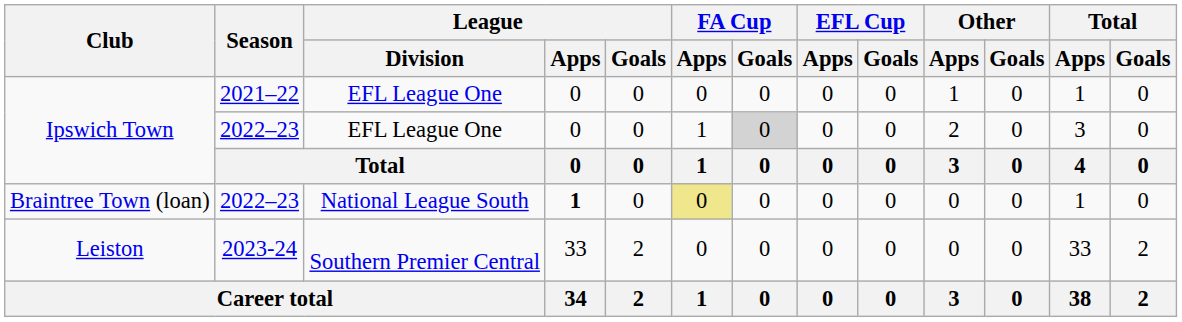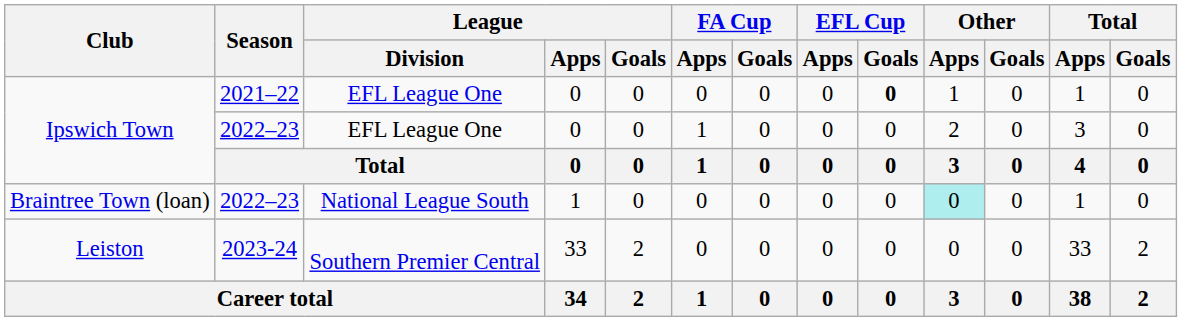 <table class="wikitable" style="text-align: center;">
 <tr>
 <th rowspan="2">Club</th>
 <th rowspan="2">Season</th>
 <th colspan="3">League</th>
 <th colspan="2"><a href='#'>FA Cup</a></th>
 <th colspan="2"><a href='#'>EFL Cup</a></th>
 <th colspan="2">Other</th>
 <th colspan="2">Total</th>
 </tr>
 <tr>
 <th>Division</th>
 <th>Apps</th>
 <th>Goals</th>
 <th>Apps</th>
 <th>Goals</th>
 <th>Apps</th>
 <th>Goals</th>
 <th>Apps</th>
 <th>Goals</th>
 <th>Apps</th>
 <th>Goals</th>
 </tr>
 <tr>
 <td rowspan="3"><a href='#'>Ipswich Town</a></td>
 <td><a href='#'>2021–22</a></td>
 <td><a href='#'>EFL League One</a></td>
 <td>0</td>
 <td>0</td>
 <td>0</td>
 <td>0</td>
 <td>0</td>
-<td>0</td>
+<td><strong>0</strong></td>
 <td>1</td>
 <td>0</td>
 <td>1</td>
 <td>0</td>
 </tr>
 <tr>
 <td><a href='#'>2022–23</a></td>
 <td>EFL League One</td>
 <td>0</td>
 <td>0</td>
 <td>1</td>
-<td style="background: lightgrey;">0</td>
+<td>0</td>
 <td>0</td>
 <td>0</td>
 <td>2</td>
 <td>0</td>
 <td>3</td>
 <td>0</td>
 </tr>
 <tr>
 <th colspan="2">Total</th>
 <th>0</th>
 <th>0</th>
 <th>1</th>
 <th>0</th>
 <th>0</th>
 <th>0</th>
 <th>3</th>
 <th>0</th>
 <th>4</th>
 <th>0</th>
 </tr>
 <tr>
 <td><a href='#'>Braintree Town</a> (loan)</td>
 <td><a href='#'>2022–23</a></td>
 <td><a href='#'>National League South</a></td>
-<td><strong>1</strong></td>
-<td>0</td>
-<td style="background: khaki;">0</td>
+<td>1</td>
 <td>0</td>
 <td>0</td>
 <td>0</td>
 <td>0</td>
+<td>0</td>
+<td style="background: paleturquoise;">0</td>
 <td>0</td>
 <td>1</td>
 <td>0</td>
 </tr>
 <tr>
 <td><a href='#'>Leiston</a></td>
 <td><a href='#'>2023-24</a></td>
 <td><br><a href='#'>Southern Premier Central</a></td>
 <td>33</td>
 <td>2</td>
 <td>0</td>
 <td>0</td>
 <td>0</td>
 <td>0</td>
 <td>0</td>
 <td>0</td>
 <td>33</td>
 <td>2</td>
 </tr>
 <tr>
 <th colspan="3">Career total</th>
 <th>34</th>
 <th>2</th>
 <th>1</th>
 <th>0</th>
 <th>0</th>
 <th>0</th>
 <th>3</th>
 <th>0</th>
 <th>38</th>
 <th>2</th>
 </tr>
 </table>
